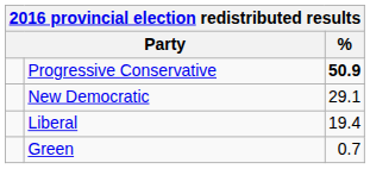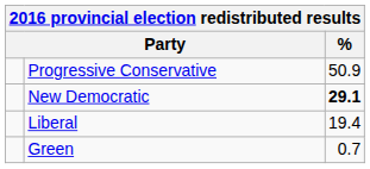 <table class="wikitable">
 <tr>
 <th colspan="4"><a href='#'>2016 provincial election</a> redistributed results</th>
 </tr>
 <tr>
 <th bgcolor="#DDDDFF" width="130px" colspan="2">Party</th>
 <th bgcolor="#DDDDFF" width="30px">%</th>
 </tr>
 <tr>
 <td> </td>
 <td><a href='#'>Progressive Conservative</a></td>
-<td align=right><strong>50.9</strong></td>
+<td align=right>50.9</td>
 </tr>
 <tr>
 <td> </td>
 <td><a href='#'>New Democratic</a></td>
-<td align=right>29.1</td>
+<td align=right><strong>29.1</strong></td>
 </tr>
 <tr>
 <td> </td>
 <td><a href='#'>Liberal</a></td>
 <td align=right>19.4</td>
 </tr>
 <tr>
 <td> </td>
 <td><a href='#'>Green</a></td>
 <td align=right>0.7</td>
 </tr>
 </table>
